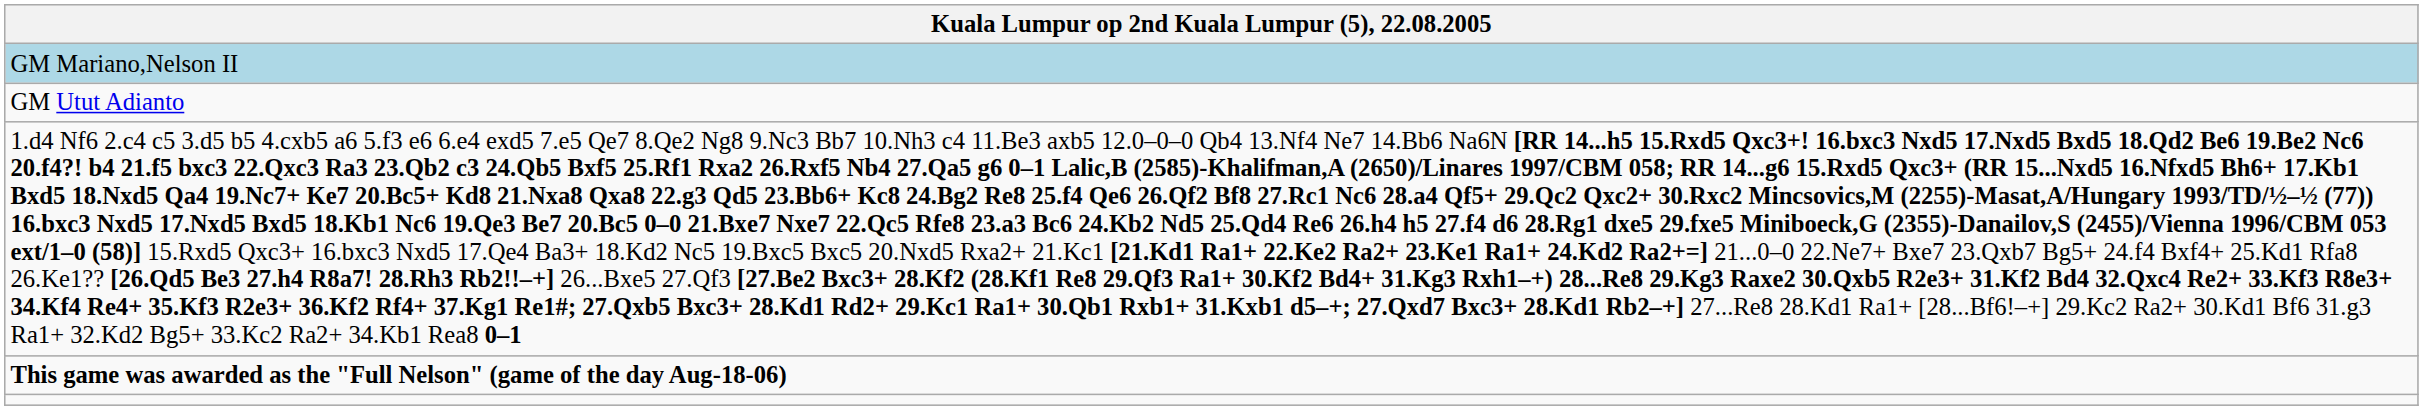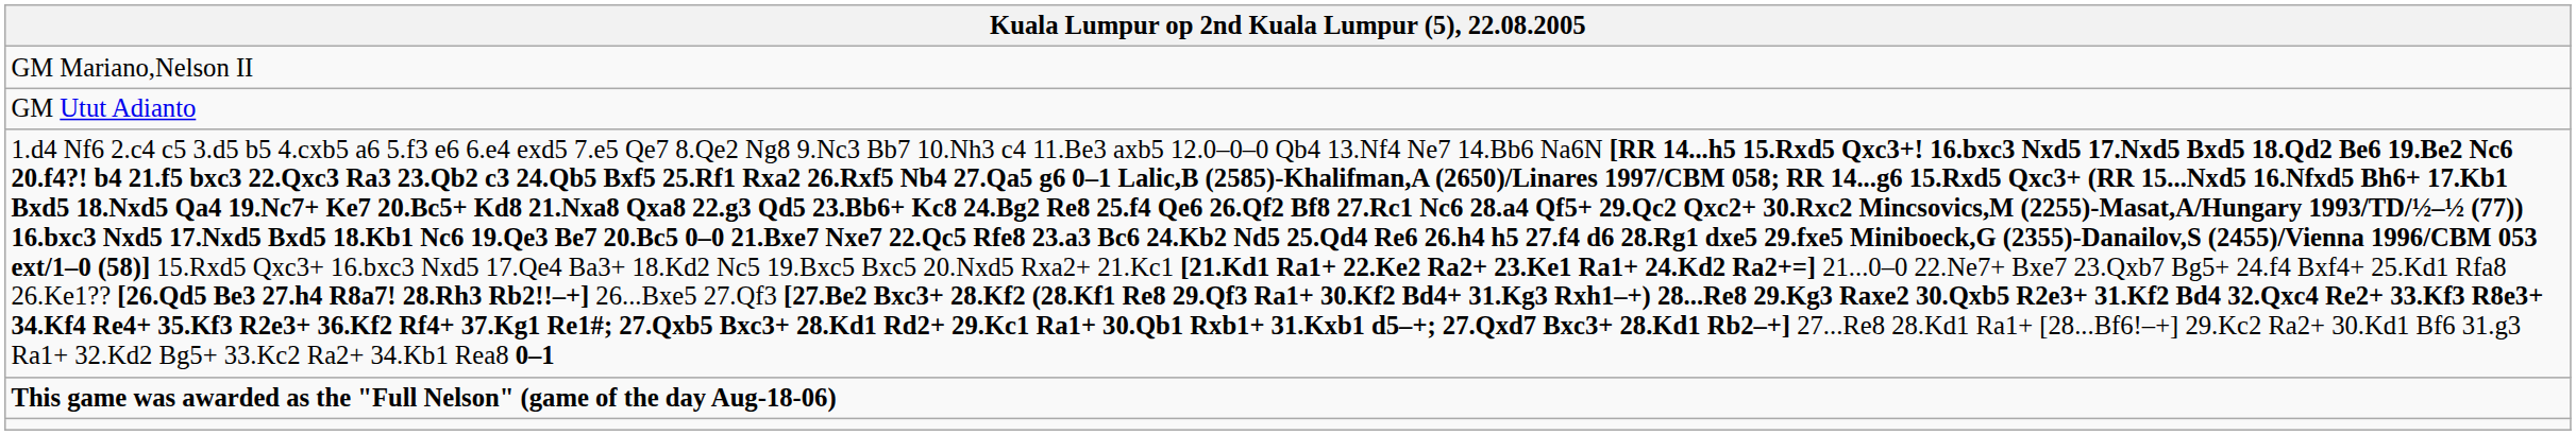 <table class="wikitable">
 <tr>
 <th><strong>Kuala Lumpur op 2nd Kuala Lumpur (5), 22.08.2005</strong></th>
 </tr>
 <tr>
-<td style="background: lightblue;">GM Mariano,Nelson II</td>
+<td>GM Mariano,Nelson II</td>
 </tr>
 <tr>
 <td>GM <a href='#'>Utut Adianto</a></td>
 </tr>
 <tr>
 <td>1.d4 Nf6 2.c4 c5 3.d5 b5 4.cxb5 a6 5.f3 e6 6.e4 exd5 7.e5 Qe7 8.Qe2 Ng8 9.Nc3 Bb7 10.Nh3 c4 11.Be3 axb5 12.0–0–0 Qb4 13.Nf4 Ne7 14.Bb6 Na6N <strong>[RR 14...h5 15.Rxd5 Qxc3+! 16.bxc3 Nxd5 17.Nxd5 Bxd5 18.Qd2 Be6 19.Be2 Nc6 20.f4?! b4 21.f5 bxc3 22.Qxc3 Ra3 23.Qb2 c3 24.Qb5 Bxf5 25.Rf1 Rxa2 26.Rxf5 Nb4 27.Qa5 g6 0–1 Lalic,B (2585)-Khalifman,A (2650)/Linares 1997/CBM 058; RR 14...g6 15.Rxd5 Qxc3+ (RR 15...Nxd5 16.Nfxd5 Bh6+ 17.Kb1 Bxd5 18.Nxd5 Qa4 19.Nc7+ Ke7 20.Bc5+ Kd8 21.Nxa8 Qxa8 22.g3 Qd5 23.Bb6+ Kc8 24.Bg2 Re8 25.f4 Qe6 26.Qf2 Bf8 27.Rc1 Nc6 28.a4 Qf5+ 29.Qc2 Qxc2+ 30.Rxc2 Mincsovics,M (2255)-Masat,A/Hungary 1993/TD/½–½ (77)) 16.bxc3 Nxd5 17.Nxd5 Bxd5 18.Kb1 Nc6 19.Qe3 Be7 20.Bc5 0–0 21.Bxe7 Nxe7 22.Qc5 Rfe8 23.a3 Bc6 24.Kb2 Nd5 25.Qd4 Re6 26.h4 h5 27.f4 d6 28.Rg1 dxe5 29.fxe5 Miniboeck,G (2355)-Danailov,S (2455)/Vienna 1996/CBM 053 ext/1–0 (58)]</strong> 15.Rxd5 Qxc3+ 16.bxc3 Nxd5 17.Qe4 Ba3+ 18.Kd2 Nc5 19.Bxc5 Bxc5 20.Nxd5 Rxa2+ 21.Kc1 <strong>[21.Kd1 Ra1+ 22.Ke2 Ra2+ 23.Ke1 Ra1+ 24.Kd2 Ra2+=]</strong> 21...0–0 22.Ne7+ Bxe7 23.Qxb7 Bg5+ 24.f4 Bxf4+ 25.Kd1 Rfa8 26.Ke1?? <strong>[26.Qd5 Be3 27.h4 R8a7! 28.Rh3 Rb2!!–+]</strong> 26...Bxe5 27.Qf3 <strong>[27.Be2 Bxc3+ 28.Kf2 (28.Kf1 Re8 29.Qf3 Ra1+ 30.Kf2 Bd4+ 31.Kg3 Rxh1–+) 28...Re8 29.Kg3 Raxe2 30.Qxb5 R2e3+ 31.Kf2 Bd4 32.Qxc4 Re2+ 33.Kf3 R8e3+ 34.Kf4 Re4+ 35.Kf3 R2e3+ 36.Kf2 Rf4+ 37.Kg1 Re1#; 27.Qxb5 Bxc3+ 28.Kd1 Rd2+ 29.Kc1 Ra1+ 30.Qb1 Rxb1+ 31.Kxb1 d5–+; 27.Qxd7 Bxc3+ 28.Kd1 Rb2–+]</strong> 27...Re8 28.Kd1 Ra1+ [28...Bf6!–+] 29.Kc2 Ra2+ 30.Kd1 Bf6 31.g3 Ra1+ 32.Kd2 Bg5+ 33.Kc2 Ra2+ 34.Kb1 Rea8 <strong>0–1</strong></td>
 </tr>
 <tr>
 <td><strong>This game was awarded as the "Full Nelson" (game of the day Aug-18-06)</strong></td>
 </tr>
 <tr>
 <td></td>
 </tr>
 </table>
